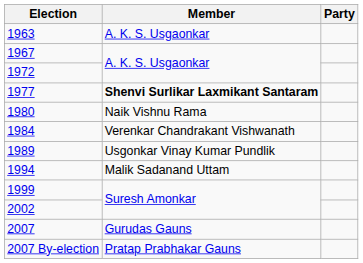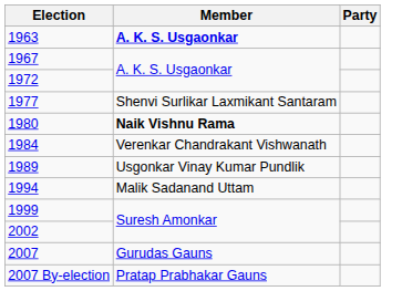 <table class="wikitable sortable">
 <tr>
 <th>Election</th>
 <th>Member</th>
 <th colspan=2>Party</th>
 </tr>
 <tr>
 <td><a href='#'>1963</a></td>
-<td><a href='#'>A. K. S. Usgaonkar</a></td>
+<td><strong><a href='#'>A. K. S. Usgaonkar</a></strong></td>
 <td></td>
 </tr>
 <tr>
 <td><a href='#'>1967</a></td>
 <td rowspan=2><a href='#'>A. K. S. Usgaonkar</a></td>
 <td></td>
 </tr>
 <tr>
 <td><a href='#'>1972</a></td>
 </tr>
 <tr>
 <td><a href='#'>1977</a></td>
-<td><strong>Shenvi Surlikar Laxmikant Santaram</strong></td>
+<td>Shenvi Surlikar Laxmikant Santaram</td>
 <td></td>
 </tr>
 <tr>
 <td><a href='#'>1980</a></td>
-<td>Naik Vishnu Rama</td>
+<td><strong>Naik Vishnu Rama</strong></td>
 <td></td>
 </tr>
 <tr>
 <td><a href='#'>1984</a></td>
 <td>Verenkar Chandrakant Vishwanath</td>
 <td></td>
 </tr>
 <tr>
 <td><a href='#'>1989</a></td>
 <td>Usgonkar Vinay Kumar Pundlik</td>
 <td></td>
 </tr>
 <tr>
 <td><a href='#'>1994</a></td>
 <td>Malik Sadanand Uttam</td>
 </tr>
 <tr>
 <td><a href='#'>1999</a></td>
 <td rowspan=2><a href='#'>Suresh Amonkar</a></td>
 <td></td>
 </tr>
 <tr>
 <td><a href='#'>2002</a></td>
 </tr>
 <tr>
 <td><a href='#'>2007</a></td>
 <td><a href='#'>Gurudas Gauns</a></td>
 <td></td>
 </tr>
 <tr>
 <td><a href='#'>2007 By-election</a></td>
 <td><a href='#'>Pratap Prabhakar Gauns</a></td>
 <td></td>
 </tr>
 </table>
